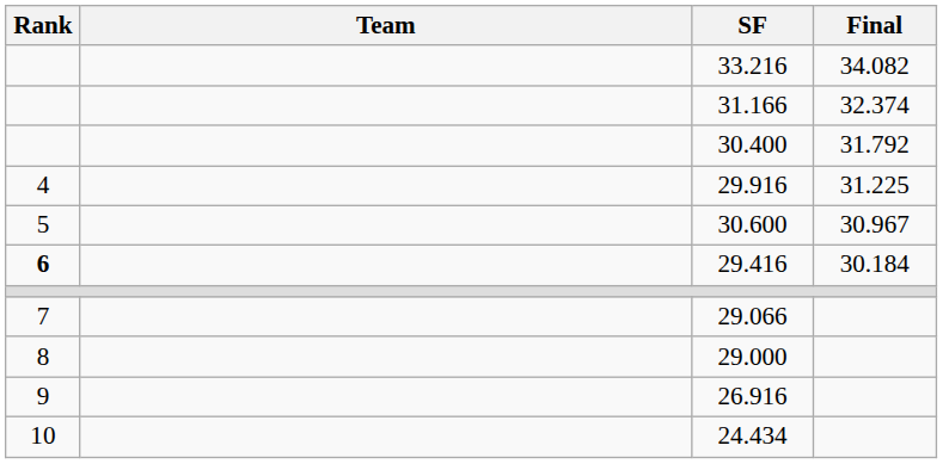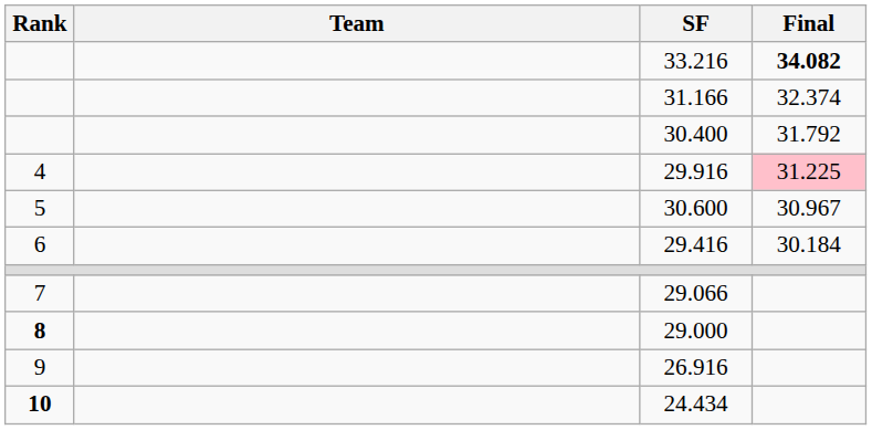 <table class=wikitable style="text-align:center">
 <tr>
 <th width=40>Rank</th>
 <th width=380>Team</th>
 <th width=70>SF</th>
 <th width=70>Final</th>
 </tr>
 <tr>
 <td></td>
 <td align=left></td>
 <td>33.216</td>
-<td>34.082</td>
+<td><strong>34.082</strong></td>
 </tr>
 <tr>
 <td></td>
 <td align=left></td>
 <td>31.166</td>
 <td>32.374</td>
 </tr>
 <tr>
 <td></td>
 <td align=left></td>
 <td>30.400</td>
 <td>31.792</td>
 </tr>
 <tr>
 <td>4</td>
 <td align=left></td>
 <td>29.916</td>
-<td>31.225</td>
+<td style="background: pink;">31.225</td>
 </tr>
 <tr>
 <td>5</td>
 <td align=left></td>
 <td>30.600</td>
 <td>30.967</td>
 </tr>
 <tr>
-<td><strong>6</strong></td>
+<td>6</td>
 <td align=left></td>
 <td>29.416</td>
 <td>30.184</td>
 </tr>
 <tr bgcolor=#DDDDDD>
 <td colspan=4></td>
 </tr>
 <tr>
 <td>7</td>
 <td align=left></td>
 <td>29.066</td>
 <td></td>
 </tr>
 <tr>
-<td>8</td>
+<td><strong>8</strong></td>
 <td align=left></td>
 <td>29.000</td>
 <td></td>
 </tr>
 <tr>
 <td>9</td>
 <td align=left></td>
 <td>26.916</td>
 <td></td>
 </tr>
 <tr>
-<td>10</td>
+<td><strong>10</strong></td>
 <td align=left></td>
 <td>24.434</td>
 <td></td>
 </tr>
 </table>
